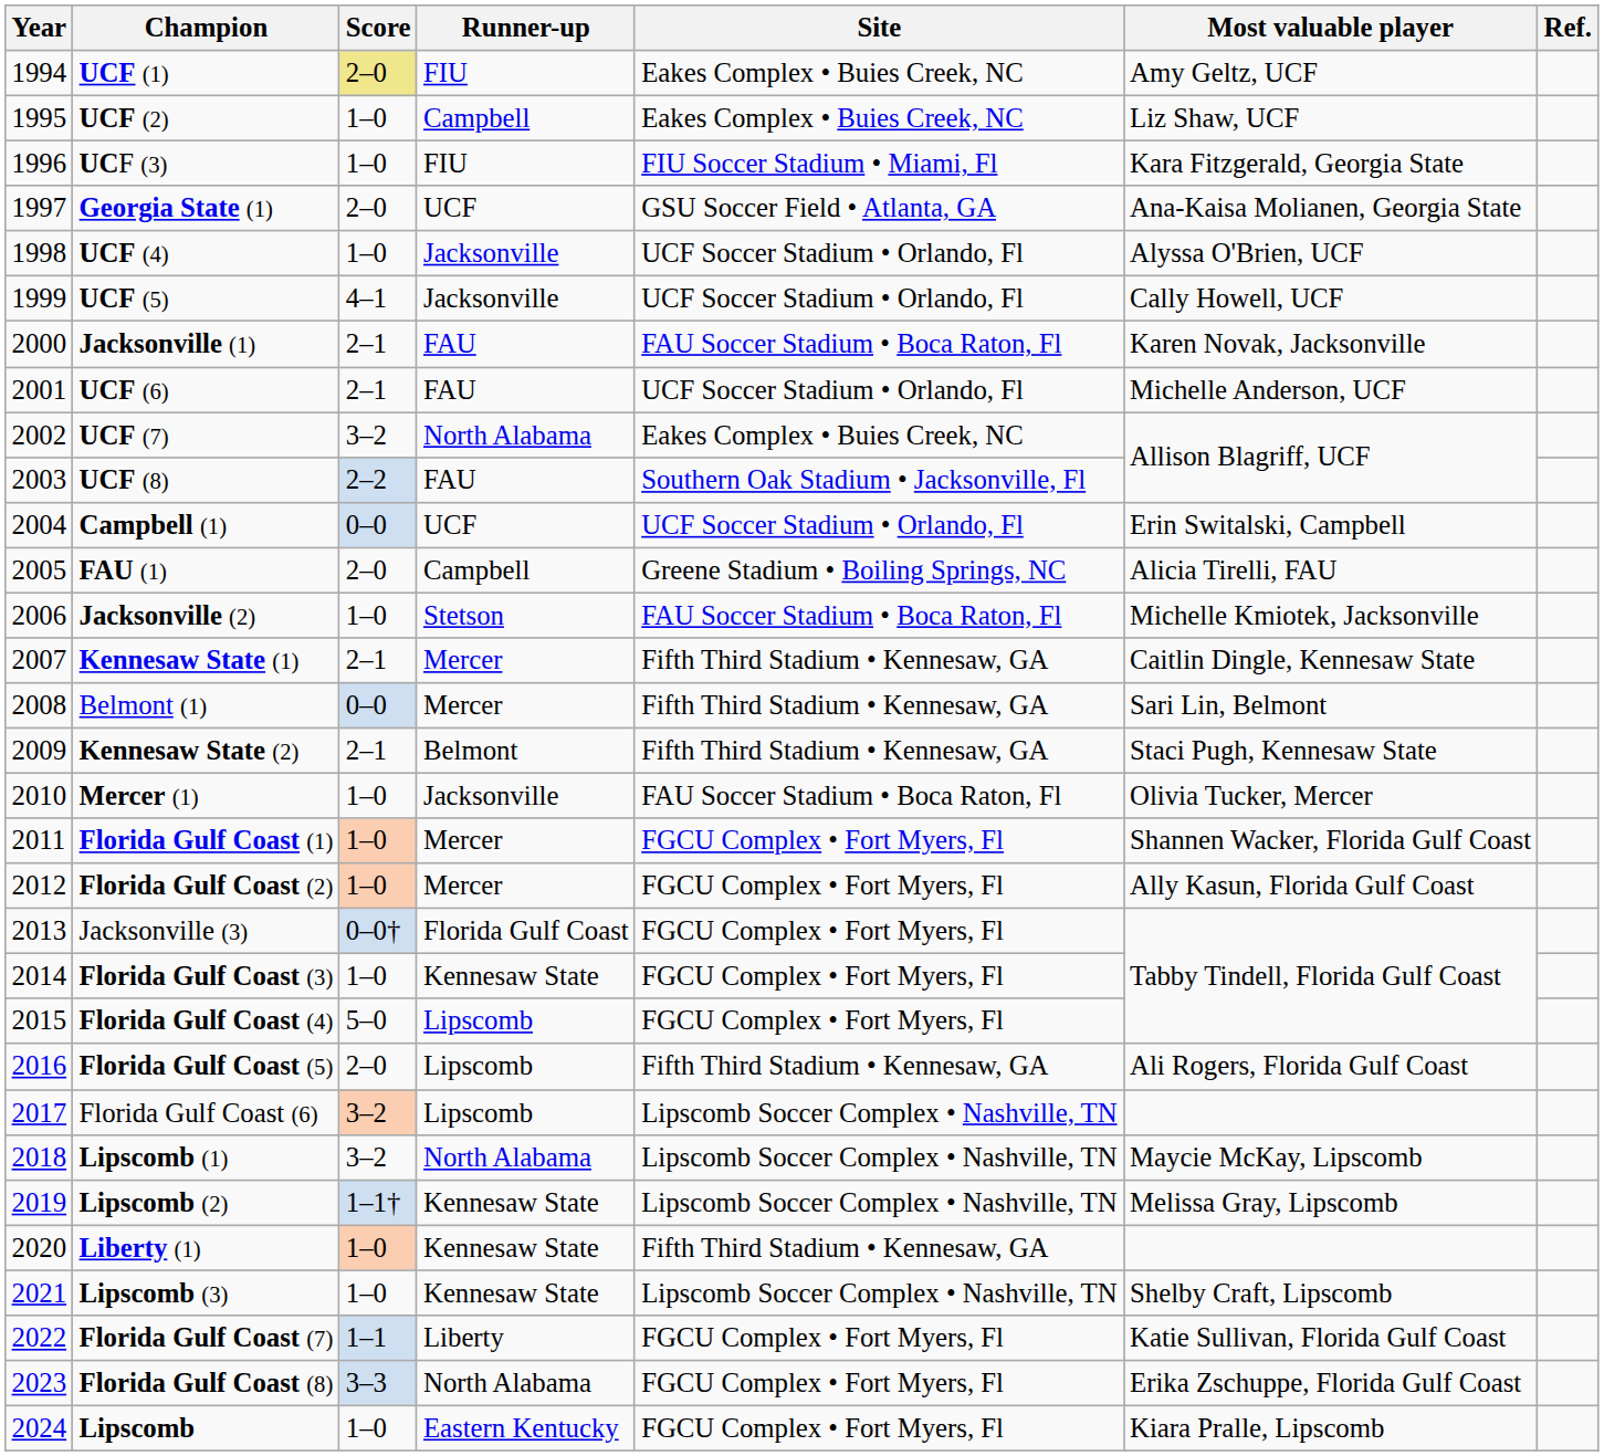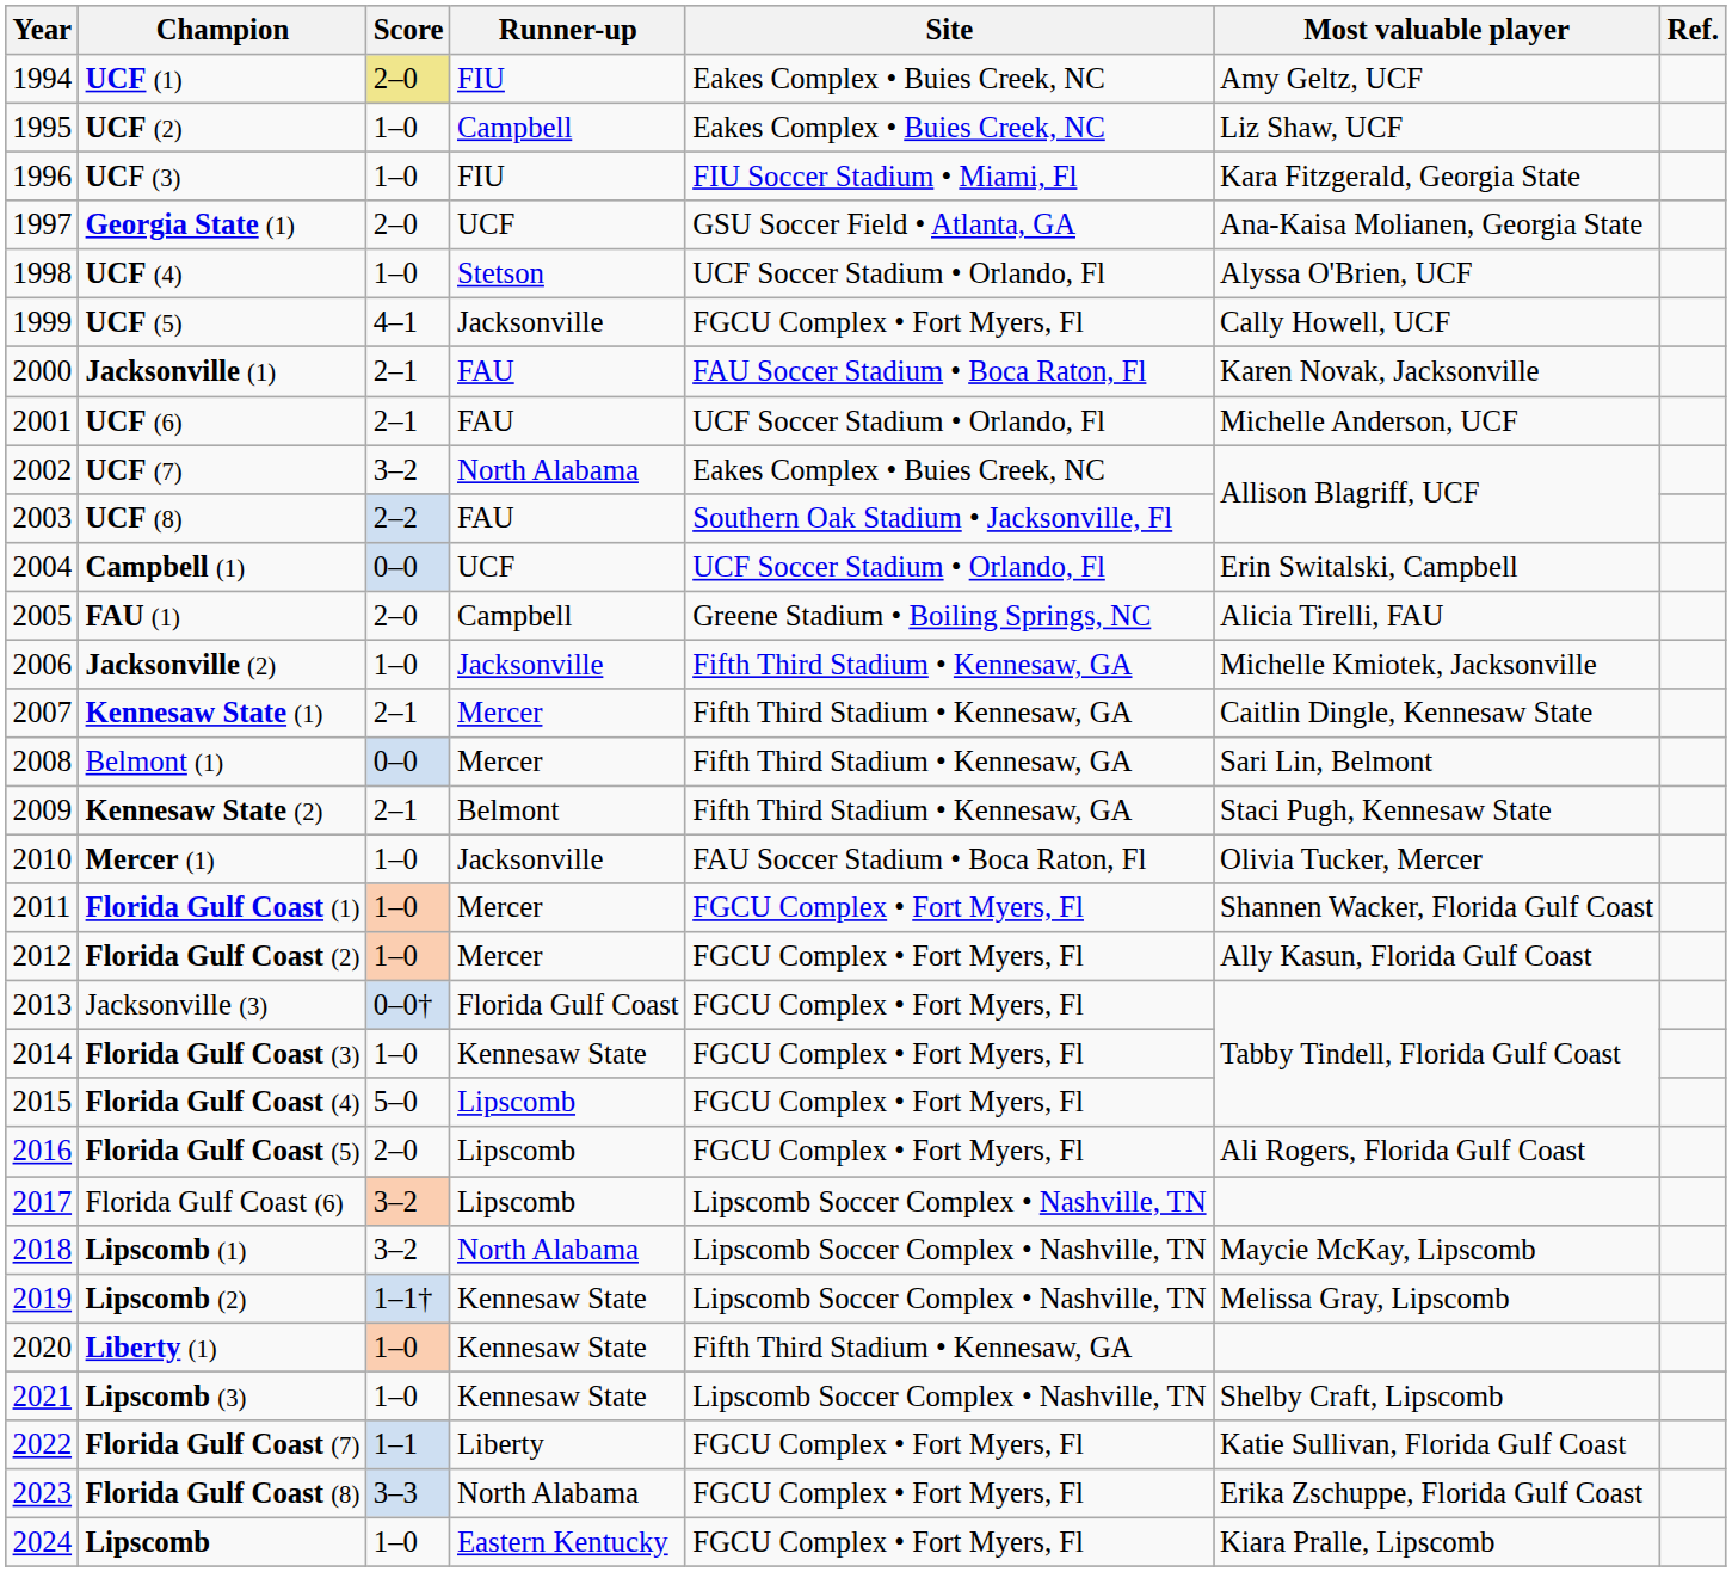 <table class="wikitable sortable" style="text-align:; font-size:95%">
 <tr>
 <th width=px>Year</th>
 <th width=px>Champion</th>
 <th width=px>Score</th>
 <th width=px>Runner-up</th>
 <th width=px>Site</th>
 <th width=px>Most valuable player</th>
 <th width=px>Ref.</th>
 </tr>
 <tr>
 <td>1994</td>
 <td><strong><a href='#'>UCF</a></strong> <small>(1)</small></td>
 <td style="background: khaki;">2–0</td>
 <td><a href='#'>FIU</a></td>
 <td>Eakes Complex • Buies Creek, NC</td>
 <td>Amy Geltz, UCF</td>
 <td></td>
 </tr>
 <tr>
 <td>1995</td>
 <td><strong>UCF</strong> <small>(2)</small></td>
 <td>1–0</td>
 <td><a href='#'>Campbell</a></td>
 <td>Eakes Complex • <a href='#'>Buies Creek, NC</a></td>
 <td>Liz Shaw, UCF</td>
 <td></td>
 </tr>
 <tr>
 <td>1996</td>
 <td><strong>UC</strong>F <small>(3)</small></td>
 <td>1–0</td>
 <td>FIU</td>
 <td><a href='#'>FIU Soccer Stadium</a> • <a href='#'>Miami, Fl</a></td>
 <td>Kara Fitzgerald, Georgia State</td>
 <td></td>
 </tr>
 <tr>
 <td>1997</td>
 <td><strong><a href='#'>Georgia State</a></strong> <small>(1)</small></td>
 <td>2–0</td>
 <td>UCF</td>
 <td>GSU Soccer Field • <a href='#'>Atlanta, GA</a></td>
 <td>Ana-Kaisa Molianen, Georgia State</td>
 <td></td>
 </tr>
 <tr>
 <td>1998</td>
 <td><strong>UCF</strong> <small>(4)</small></td>
 <td>1–0</td>
-<td><a href='#'>Jacksonville</a></td>
+<td><a href='#'>Stetson</a></td>
 <td>UCF Soccer Stadium • Orlando, Fl</td>
 <td>Alyssa O'Brien, UCF</td>
 <td></td>
 </tr>
 <tr>
 <td>1999</td>
 <td><strong>UCF</strong> <small>(5)</small></td>
 <td>4–1</td>
 <td>Jacksonville</td>
-<td>UCF Soccer Stadium • Orlando, Fl</td>
+<td>FGCU Complex • Fort Myers, Fl</td>
 <td>Cally Howell, UCF</td>
 <td></td>
 </tr>
 <tr>
 <td>2000</td>
 <td><strong>Jacksonville</strong> <small>(1)</small></td>
 <td>2–1</td>
 <td><a href='#'>FAU</a></td>
 <td><a href='#'>FAU Soccer Stadium</a> • <a href='#'>Boca Raton, Fl</a></td>
 <td>Karen Novak, Jacksonville</td>
 <td></td>
 </tr>
 <tr>
 <td>2001</td>
 <td><strong>UCF</strong> <small>(6)</small></td>
 <td>2–1</td>
 <td>FAU</td>
 <td>UCF Soccer Stadium • Orlando, Fl</td>
 <td>Michelle Anderson, UCF</td>
 <td></td>
 </tr>
 <tr>
 <td>2002</td>
 <td><strong>UCF</strong> <small>(7)</small></td>
 <td>3–2</td>
 <td><a href='#'>North Alabama</a></td>
 <td>Eakes Complex • Buies Creek, NC</td>
 <td rowspan=2>Allison Blagriff, UCF</td>
 <td></td>
 </tr>
 <tr>
 <td>2003</td>
 <td><strong>UCF</strong> <small>(8)</small></td>
 <td style="background-color:#cedff2">2–2 </td>
 <td>FAU</td>
 <td><a href='#'>Southern Oak Stadium</a> • <a href='#'>Jacksonville, Fl</a></td>
 <td></td>
 </tr>
 <tr>
 <td>2004</td>
 <td><strong>Campbell</strong> <small>(1)</small></td>
 <td style="background-color:#cedff2">0–0 </td>
 <td>UCF</td>
 <td><a href='#'>UCF Soccer Stadium</a> • <a href='#'>Orlando, Fl</a></td>
 <td>Erin Switalski, Campbell</td>
 <td></td>
 </tr>
 <tr>
 <td>2005</td>
 <td><strong>FAU</strong> <small>(1)</small></td>
 <td>2–0</td>
 <td>Campbell</td>
 <td>Greene Stadium • <a href='#'>Boiling Springs, NC</a></td>
 <td>Alicia Tirelli, FAU</td>
 <td></td>
 </tr>
 <tr>
 <td>2006</td>
 <td><strong>Jacksonville</strong> <small>(2)</small></td>
 <td>1–0</td>
-<td><a href='#'>Stetson</a></td>
-<td><a href='#'>FAU Soccer Stadium</a> • <a href='#'>Boca Raton, Fl</a></td>
+<td><a href='#'>Jacksonville</a></td>
+<td><a href='#'>Fifth Third Stadium</a> • <a href='#'>Kennesaw, GA</a></td>
 <td>Michelle Kmiotek, Jacksonville</td>
 <td></td>
 </tr>
 <tr>
 <td>2007</td>
 <td><strong><a href='#'>Kennesaw State</a></strong> <small>(1)</small></td>
 <td>2–1</td>
 <td><a href='#'>Mercer</a></td>
 <td>Fifth Third Stadium • Kennesaw, GA</td>
 <td>Caitlin Dingle, Kennesaw State</td>
 <td></td>
 </tr>
 <tr>
 <td>2008</td>
 <td><a href='#'>Belmont</a> <small>(1)</small></td>
 <td style="background-color:#cedff2">0–0 </td>
 <td>Mercer</td>
 <td>Fifth Third Stadium • Kennesaw, GA</td>
 <td>Sari Lin, Belmont</td>
 <td></td>
 </tr>
 <tr>
 <td>2009</td>
 <td><strong>Kennesaw State</strong> <small>(2)</small></td>
 <td>2–1</td>
 <td>Belmont</td>
 <td>Fifth Third Stadium • Kennesaw, GA</td>
 <td>Staci Pugh, Kennesaw State</td>
 <td></td>
 </tr>
 <tr>
 <td>2010</td>
 <td><strong>Mercer</strong> <small>(1)</small></td>
 <td>1–0</td>
 <td>Jacksonville</td>
 <td>FAU Soccer Stadium • Boca Raton, Fl</td>
 <td>Olivia Tucker, Mercer</td>
 <td></td>
 </tr>
 <tr>
 <td>2011</td>
 <td><strong><a href='#'>Florida Gulf Coast</a></strong> <small>(1)</small></td>
 <td style="background-color:#FBCEB1">1–0 </td>
 <td>Mercer</td>
 <td><a href='#'>FGCU Complex</a> • <a href='#'>Fort Myers, Fl</a></td>
 <td>Shannen Wacker, Florida Gulf Coast</td>
 <td></td>
 </tr>
 <tr>
 <td>2012</td>
 <td><strong>Florida Gulf Coast</strong> <small>(2)</small></td>
 <td style="background-color:#FBCEB1">1–0 </td>
 <td>Mercer</td>
 <td>FGCU Complex • Fort Myers, Fl</td>
 <td>Ally Kasun, Florida Gulf Coast</td>
 <td></td>
 </tr>
 <tr>
 <td>2013</td>
 <td>Jacksonville <small>(3)</small></td>
 <td style="background-color:#cedff2">0–0†<br></td>
 <td>Florida Gulf Coast</td>
 <td>FGCU Complex • Fort Myers, Fl</td>
 <td rowspan=3>Tabby Tindell, Florida Gulf Coast</td>
 <td></td>
 </tr>
 <tr>
 <td>2014</td>
 <td><strong>Florida Gulf Coast</strong> <small>(3)</small></td>
 <td>1–0</td>
 <td>Kennesaw State</td>
 <td>FGCU Complex • Fort Myers, Fl</td>
 <td></td>
 </tr>
 <tr>
 <td>2015</td>
 <td><strong>Florida Gulf Coast</strong> <small>(4)</small></td>
 <td>5–0</td>
 <td><a href='#'>Lipscomb</a></td>
 <td>FGCU Complex • Fort Myers, Fl</td>
 <td></td>
 </tr>
 <tr>
 <td><a href='#'>2016</a></td>
 <td><strong>Florida Gulf Coast</strong> <small>(5)</small></td>
 <td>2–0</td>
 <td>Lipscomb</td>
-<td>Fifth Third Stadium • Kennesaw, GA</td>
+<td>FGCU Complex • Fort Myers, Fl</td>
 <td>Ali Rogers, Florida Gulf Coast</td>
 <td></td>
 </tr>
 <tr>
 <td><a href='#'>2017</a></td>
 <td>Florida Gulf Coast <small>(6)</small></td>
 <td style="background-color:#FBCEB1">3–2 </td>
 <td>Lipscomb</td>
 <td>Lipscomb Soccer Complex • <a href='#'>Nashville, TN</a></td>
 <td></td>
 <td></td>
 </tr>
 <tr>
 <td><a href='#'>2018</a></td>
 <td><strong>Lipscomb</strong> <small>(1)</small></td>
 <td>3–2</td>
 <td><a href='#'>North Alabama</a></td>
 <td>Lipscomb Soccer Complex • Nashville, TN</td>
 <td>Maycie McKay, Lipscomb</td>
 <td></td>
 </tr>
 <tr>
 <td><a href='#'>2019</a></td>
 <td><strong>Lipscomb</strong> <small>(2)</small></td>
 <td style="background-color:#cedff2">1–1†<br></td>
 <td>Kennesaw State</td>
 <td>Lipscomb Soccer Complex • Nashville, TN</td>
 <td>Melissa Gray, Lipscomb</td>
 <td></td>
 </tr>
 <tr>
 <td>2020</td>
 <td><strong><a href='#'>Liberty</a></strong> <small>(1)</small></td>
 <td style="background-color:#FBCEB1">1–0 </td>
 <td>Kennesaw State</td>
 <td>Fifth Third Stadium • Kennesaw, GA</td>
 <td></td>
 <td></td>
 </tr>
 <tr>
 <td><a href='#'>2021</a></td>
 <td><strong>Lipscomb</strong> <small>(3)</small></td>
 <td>1–0</td>
 <td>Kennesaw State</td>
 <td>Lipscomb Soccer Complex • Nashville, TN</td>
 <td>Shelby Craft, Lipscomb</td>
 <td></td>
 </tr>
 <tr>
 <td><a href='#'>2022</a></td>
 <td><strong>Florida Gulf Coast</strong> <small>(7)</small></td>
 <td style="background-color:#cedff2">1–1 </td>
 <td>Liberty</td>
 <td>FGCU Complex • Fort Myers, Fl</td>
 <td>Katie Sullivan, Florida Gulf Coast</td>
 <td></td>
 </tr>
 <tr>
 <td><a href='#'>2023</a></td>
 <td><strong>Florida Gulf Coast </strong><small>(8)</small></td>
 <td style="background-color:#cedff2">3–3 </td>
 <td>North Alabama</td>
 <td>FGCU Complex • Fort Myers, Fl</td>
 <td>Erika Zschuppe, Florida Gulf Coast</td>
 <td></td>
 </tr>
 <tr>
 <td><a href='#'>2024</a></td>
 <td><strong>Lipscomb</strong> </td>
 <td>1–0</td>
 <td><a href='#'>Eastern Kentucky</a></td>
 <td>FGCU Complex • Fort Myers, Fl</td>
 <td>Kiara Pralle, Lipscomb</td>
 <td></td>
 </tr>
 </table>
